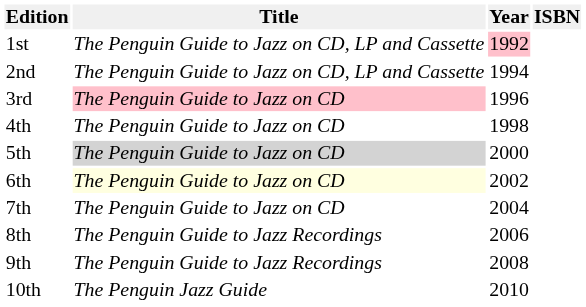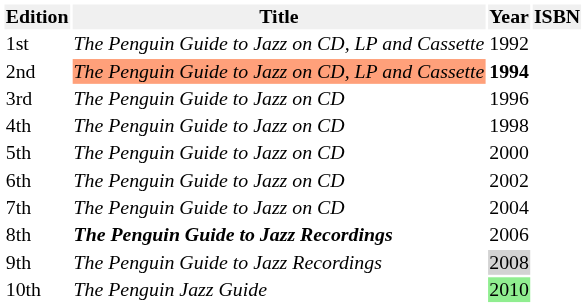 <table>
 <tr style="text-align:center; background:#f0f0f0;">
 <td><strong>Edition</strong></td>
 <td><strong>Title</strong></td>
 <td><strong>Year</strong></td>
 <td><strong>ISBN</strong></td>
 </tr>
 <tr>
 <td>1st</td>
 <td><em>The Penguin Guide to Jazz on CD, LP and Cassette</em></td>
-<td style="background: pink;">1992</td>
+<td>1992</td>
 <td></td>
 </tr>
 <tr>
 <td>2nd</td>
-<td><em>The Penguin Guide to Jazz on CD, LP and Cassette</em></td>
-<td>1994</td>
+<td style="background: lightsalmon;"><em>The Penguin Guide to Jazz on CD, LP and Cassette</em></td>
+<td><strong>1994</strong></td>
 <td></td>
 </tr>
 <tr>
 <td>3rd</td>
-<td style="background: pink;"><em>The Penguin Guide to Jazz on CD</em></td>
+<td><em>The Penguin Guide to Jazz on CD</em></td>
 <td>1996</td>
 <td></td>
 </tr>
 <tr>
 <td>4th</td>
 <td><em>The Penguin Guide to Jazz on CD</em></td>
 <td>1998</td>
 <td></td>
 </tr>
 <tr>
 <td>5th</td>
-<td style="background: lightgrey;"><em>The Penguin Guide to Jazz on CD</em></td>
+<td><em>The Penguin Guide to Jazz on CD</em></td>
 <td>2000</td>
 <td></td>
 </tr>
 <tr>
 <td>6th</td>
-<td style="background: lightyellow;"><em>The Penguin Guide to Jazz on CD</em></td>
+<td><em>The Penguin Guide to Jazz on CD</em></td>
 <td>2002</td>
 <td></td>
 </tr>
 <tr>
 <td>7th</td>
 <td><em>The Penguin Guide to Jazz on CD</em></td>
 <td>2004</td>
 <td></td>
 </tr>
 <tr>
 <td>8th</td>
-<td><em>The Penguin Guide to Jazz Recordings</em></td>
+<td><strong><em>The Penguin Guide to Jazz Recordings</em></strong></td>
 <td>2006</td>
 <td></td>
 </tr>
 <tr>
 <td>9th</td>
 <td><em>The Penguin Guide to Jazz Recordings</em></td>
-<td>2008</td>
+<td style="background: lightgrey;">2008</td>
 <td></td>
 </tr>
 <tr>
 <td>10th</td>
 <td><em>The Penguin Jazz Guide</em></td>
-<td>2010</td>
+<td style="background: lightgreen;">2010</td>
 <td></td>
 </tr>
 <tr>
 <td></td>
 </tr>
 </table>
